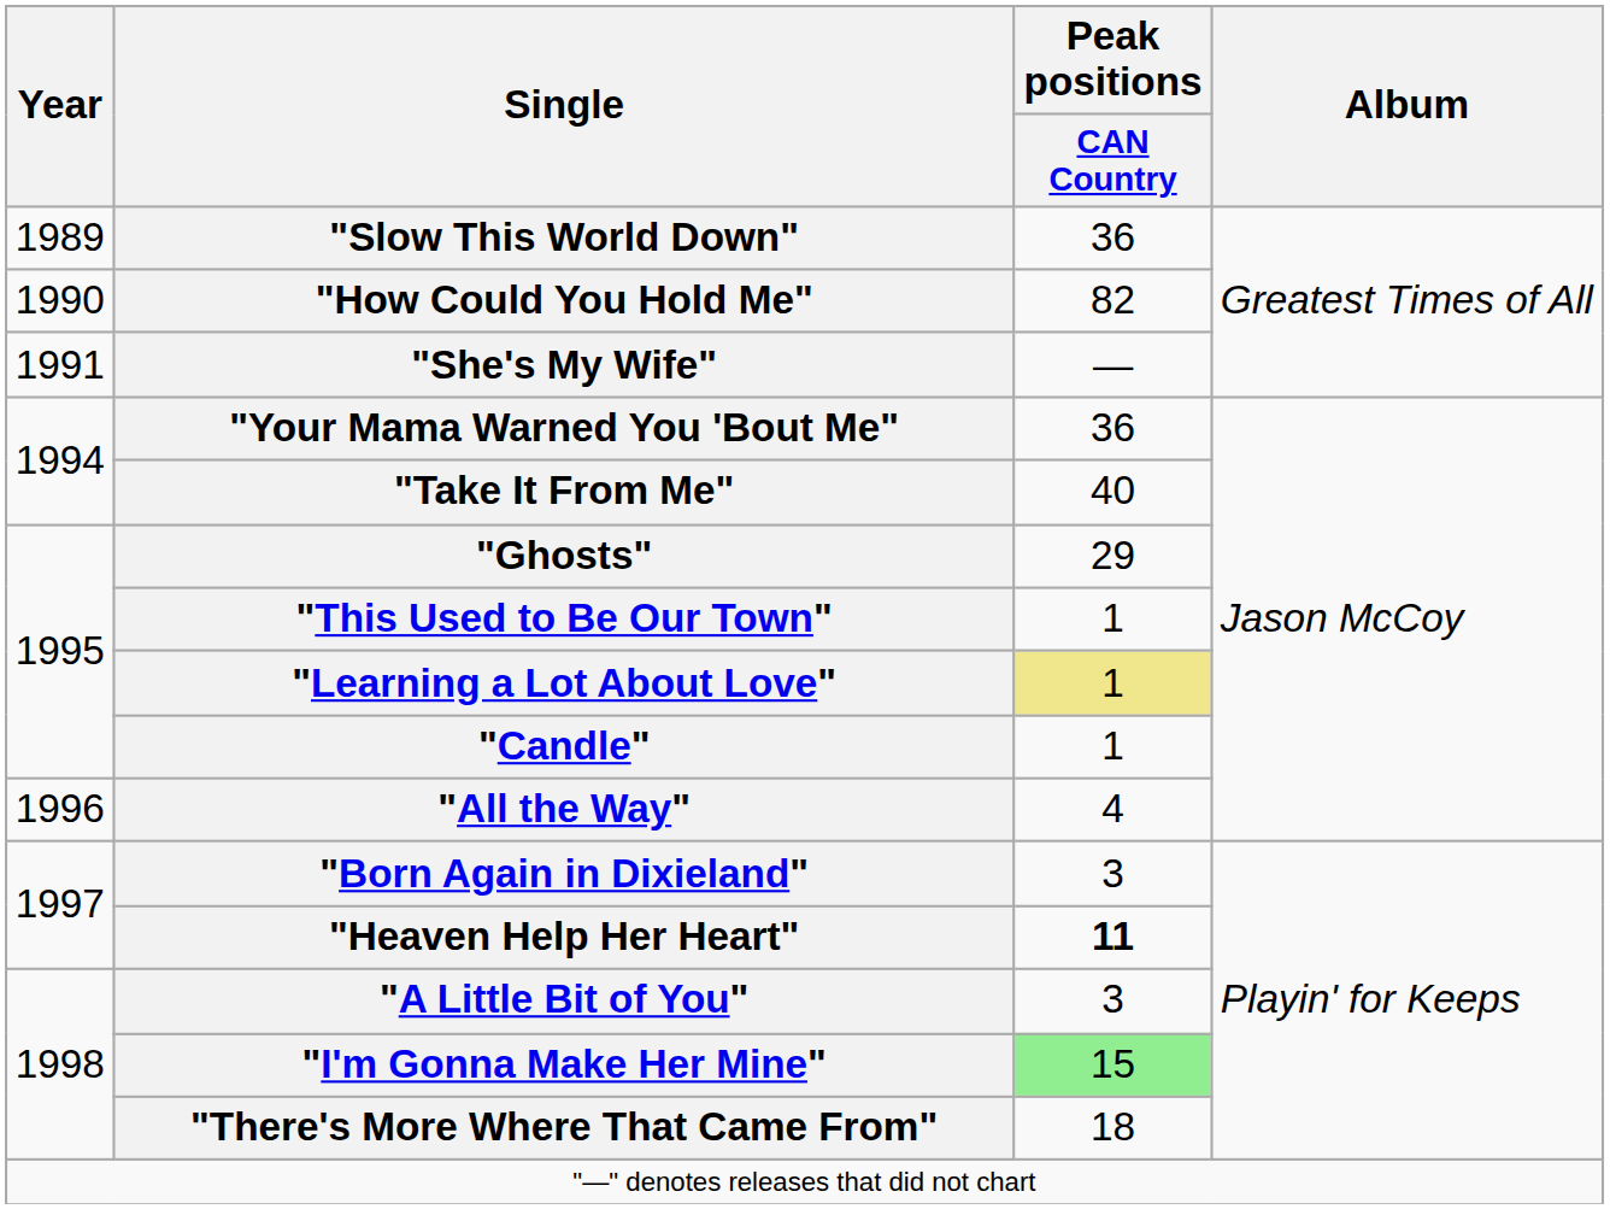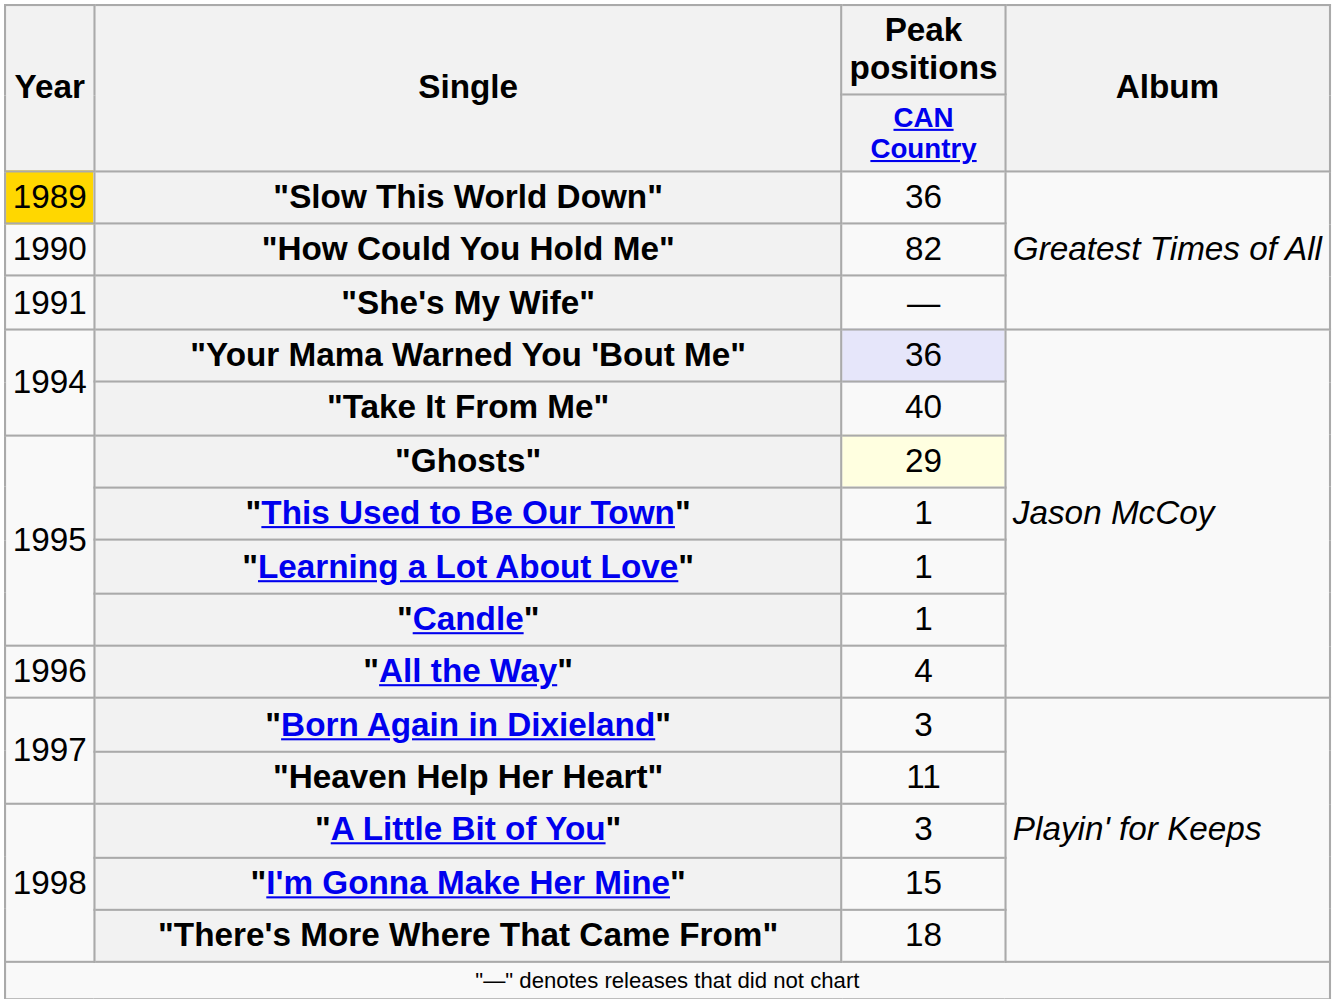 <table class="wikitable plainrowheaders" style="text-align:center;">
 <tr>
 <th rowspan="2">Year</th>
 <th rowspan="2" style="width:22em;">Single</th>
 <th>Peak positions</th>
 <th rowspan="2">Album</th>
 </tr>
 <tr style="font-size:smaller;">
 <th style="width:65px;"><a href='#'>CAN Country</a></th>
 </tr>
 <tr>
-<td>1989</td>
+<td style="background: gold;">1989</td>
 <th scope="row">"Slow This World Down"</th>
 <td>36</td>
 <td style="text-align:left;" rowspan="3"><em>Greatest Times of All</em></td>
 </tr>
 <tr>
 <td>1990</td>
 <th scope="row">"How Could You Hold Me"</th>
 <td>82</td>
 </tr>
 <tr>
 <td>1991</td>
 <th scope="row">"She's My Wife"</th>
 <td>—</td>
 </tr>
 <tr>
 <td rowspan="2">1994</td>
 <th scope="row">"Your Mama Warned You 'Bout Me"</th>
-<td>36</td>
+<td style="background: lavender;">36</td>
 <td style="text-align:left;" rowspan="7"><em>Jason McCoy</em></td>
 </tr>
 <tr>
 <th scope="row">"Take It From Me"</th>
 <td>40</td>
 </tr>
 <tr>
 <td rowspan="4">1995</td>
 <th scope="row">"Ghosts"</th>
-<td>29</td>
+<td style="background: lightyellow;">29</td>
 </tr>
 <tr>
 <th scope="row">"<a href='#'>This Used to Be Our Town</a>"</th>
 <td>1</td>
 </tr>
 <tr>
 <th scope="row">"<a href='#'>Learning a Lot About Love</a>"</th>
-<td style="background: khaki;">1</td>
+<td>1</td>
 </tr>
 <tr>
 <th scope="row">"<a href='#'>Candle</a>"</th>
 <td>1</td>
 </tr>
 <tr>
 <td>1996</td>
 <th scope="row">"<a href='#'>All the Way</a>"</th>
 <td>4</td>
 </tr>
 <tr>
 <td rowspan="2">1997</td>
 <th scope="row">"<a href='#'>Born Again in Dixieland</a>"</th>
 <td>3</td>
 <td style="text-align:left;" rowspan="5"><em>Playin' for Keeps</em></td>
 </tr>
 <tr>
 <th scope="row">"Heaven Help Her Heart"</th>
-<td><strong>11</strong></td>
+<td>11</td>
 </tr>
 <tr>
 <td rowspan="3">1998</td>
 <th scope="row">"<a href='#'>A Little Bit of You</a>"</th>
 <td>3</td>
 </tr>
 <tr>
 <th scope="row">"<a href='#'>I'm Gonna Make Her Mine</a>"</th>
-<td style="background: lightgreen;">15</td>
+<td>15</td>
 </tr>
 <tr>
 <th scope="row">"There's More Where That Came From"</th>
 <td>18</td>
 </tr>
 <tr>
 <td colspan="4" style="font-size:8pt">"—" denotes releases that did not chart</td>
 </tr>
 </table>
